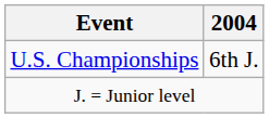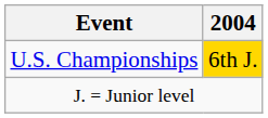 <table class="wikitable" style="text-align:center">
 <tr>
 <th>Event</th>
 <th>2004</th>
 </tr>
 <tr>
 <td align=left><a href='#'>U.S. Championships</a></td>
-<td>6th J.</td>
+<td style="background: gold;">6th J.</td>
 </tr>
 <tr>
 <td colspan="2" style="text-align:center;"><small> J. = Junior level </small></td>
 </tr>
 </table>
